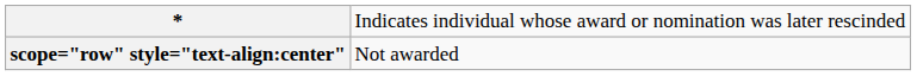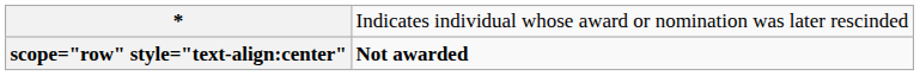 <table class="wikitable plainrowheaders">
 <tr>
 <th scope="row" style="text-align:center">*</th>
 <td>Indicates individual whose award or nomination was later rescinded</td>
 </tr>
 <tr>
 <th>scope="row" style="text-align:center" </th>
-<td>Not awarded</td>
+<td><strong>Not awarded</strong></td>
 </tr>
 </table>
